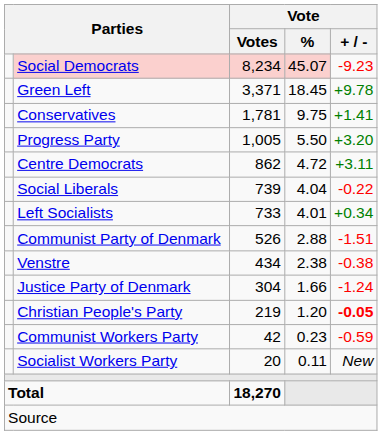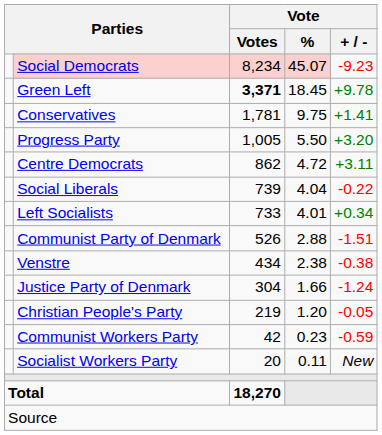 <table class="wikitable" style="text-align:right;">
 <tr>
 <th style="text-align:centre;" rowspan="2" colspan="2" width="225">Parties</th>
 <th colspan="3">Vote</th>
 </tr>
 <tr>
 <th width="15">Votes</th>
 <th width="15">%</th>
 <th width="15">+ / -</th>
 </tr>
 <tr>
 <td width="2" style="color:inherit;background:"></td>
 <td bgcolor=#fbd0ce  align="left"><a href='#'>Social Democrats</a></td>
 <td bgcolor=#fbd0ce>8,234</td>
 <td bgcolor=#fbd0ce>45.07</td>
 <td style=color:red;>-9.23</td>
 </tr>
 <tr>
 <td width="2" style="color:inherit;background:"></td>
 <td align="left"><a href='#'>Green Left</a></td>
-<td>3,371</td>
+<td><strong>3,371</strong></td>
 <td>18.45</td>
 <td style=color:green;>+9.78</td>
 </tr>
 <tr>
 <td width="2" style="color:inherit;background:"></td>
 <td align="left"><a href='#'>Conservatives</a></td>
 <td>1,781</td>
 <td>9.75</td>
 <td style=color:green;>+1.41</td>
 </tr>
 <tr>
 <td width="2" style="color:inherit;background:"></td>
 <td align="left"><a href='#'>Progress Party</a></td>
 <td>1,005</td>
 <td>5.50</td>
 <td style=color:green;>+3.20</td>
 </tr>
 <tr>
 <td width="2" style="color:inherit;background:"></td>
 <td align="left"><a href='#'>Centre Democrats</a></td>
 <td>862</td>
 <td>4.72</td>
 <td style=color:green;>+3.11</td>
 </tr>
 <tr>
 <td width="2" style="color:inherit;background:"></td>
 <td align="left"><a href='#'>Social Liberals</a></td>
 <td>739</td>
 <td>4.04</td>
 <td style=color:red;>-0.22</td>
 </tr>
 <tr>
 <td width="2" style="color:inherit;background:"></td>
 <td align="left"><a href='#'>Left Socialists</a></td>
 <td>733</td>
 <td>4.01</td>
 <td style=color:green;>+0.34</td>
 </tr>
 <tr>
 <td width="2" style="color:inherit;background:"></td>
 <td align="left"><a href='#'>Communist Party of Denmark</a></td>
 <td>526</td>
 <td>2.88</td>
 <td style=color:red;>-1.51</td>
 </tr>
 <tr>
 <td width="2" style="color:inherit;background:"></td>
 <td align="left"><a href='#'>Venstre</a></td>
 <td>434</td>
 <td>2.38</td>
 <td style=color:red;>-0.38</td>
 </tr>
 <tr>
 <td width="2" style="color:inherit;background:"></td>
 <td align="left"><a href='#'>Justice Party of Denmark</a></td>
 <td>304</td>
 <td>1.66</td>
 <td style=color:red;>-1.24</td>
 </tr>
 <tr>
 <td width="2" style="color:inherit;background:"></td>
 <td align="left"><a href='#'>Christian People's Party</a></td>
 <td>219</td>
 <td>1.20</td>
-<td style=color:red;><strong>-0.05</strong></td>
+<td style=color:red;>-0.05</td>
 </tr>
 <tr>
 <td width="2" style="color:inherit;background:"></td>
 <td align="left"><a href='#'>Communist Workers Party</a></td>
 <td>42</td>
 <td>0.23</td>
 <td style=color:red;>-0.59</td>
 </tr>
 <tr>
 <td width="2" style="color:inherit;background:"></td>
 <td align="left"><a href='#'>Socialist Workers Party</a></td>
 <td>20</td>
 <td>0.11</td>
 <td><em>New</em></td>
 </tr>
 <tr>
 <td colspan="7" bgcolor="#E9E9E9"></td>
 </tr>
 <tr>
 <td align="left" colspan="2"><strong>Total</strong></td>
 <td><strong>18,270</strong></td>
 <td bgcolor="#E9E9E9" colspan="2"></td>
 </tr>
 <tr>
 <td align="left" colspan="6">Source</td>
 </tr>
 </table>
